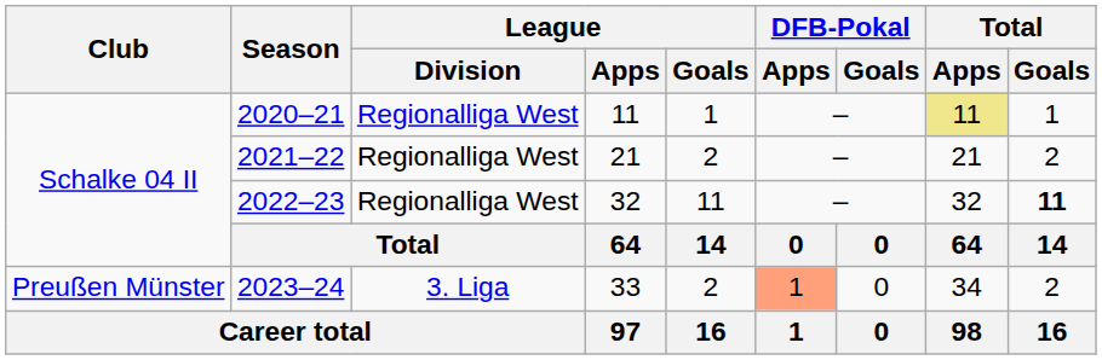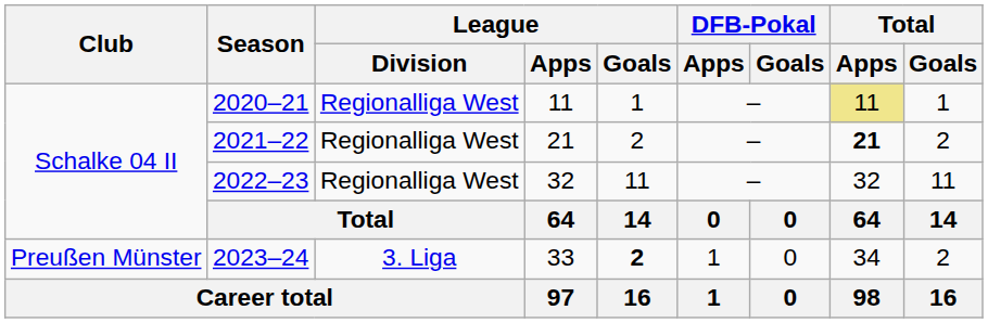 <table class="wikitable" style="text-align:center">
 <tr>
 <th rowspan="2">Club</th>
 <th rowspan="2">Season</th>
 <th colspan="3">League</th>
 <th colspan="2"><a href='#'>DFB-Pokal</a></th>
 <th colspan="2">Total</th>
 </tr>
 <tr>
 <th>Division</th>
 <th>Apps</th>
 <th>Goals</th>
 <th>Apps</th>
 <th>Goals</th>
 <th>Apps</th>
 <th>Goals</th>
 </tr>
 <tr>
 <td rowspan="4"><a href='#'>Schalke 04 II</a></td>
 <td><a href='#'>2020–21</a></td>
 <td><a href='#'>Regionalliga West</a></td>
 <td>11</td>
 <td>1</td>
 <td colspan="2">–</td>
 <td style="background: khaki;">11</td>
 <td>1</td>
 </tr>
 <tr>
 <td><a href='#'>2021–22</a></td>
 <td>Regionalliga West</td>
 <td>21</td>
 <td>2</td>
 <td colspan="2">–</td>
-<td>21</td>
+<td><strong>21</strong></td>
 <td>2</td>
 </tr>
 <tr>
 <td><a href='#'>2022–23</a></td>
 <td>Regionalliga West</td>
 <td>32</td>
 <td>11</td>
 <td colspan="2">–</td>
 <td>32</td>
-<td><strong>11</strong></td>
+<td>11</td>
 </tr>
 <tr>
 <th colspan="2">Total</th>
 <th>64</th>
 <th>14</th>
 <th>0</th>
 <th>0</th>
 <th>64</th>
 <th>14</th>
 </tr>
 <tr>
 <td><a href='#'>Preußen Münster</a></td>
 <td><a href='#'>2023–24</a></td>
 <td><a href='#'>3. Liga</a></td>
 <td>33</td>
-<td>2</td>
-<td style="background: lightsalmon;">1</td>
+<td><strong>2</strong></td>
+<td>1</td>
 <td>0</td>
 <td>34</td>
 <td>2</td>
 </tr>
 <tr>
 <th colspan="3">Career total</th>
 <th>97</th>
 <th>16</th>
 <th>1</th>
 <th>0</th>
 <th>98</th>
 <th>16</th>
 </tr>
 </table>
